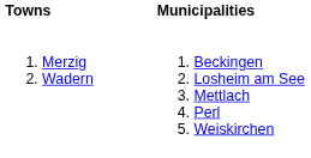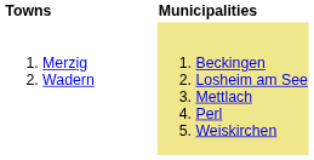 <table>
 <tr>
 <th align=left width=50%>Towns</th>
 <th align=left width=50%>Municipalities</th>
 </tr>
 <tr valign=top>
 <td><br><ol><li><a href='#'>Merzig</a></li><li><a href='#'>Wadern</a></li></ol></td>
-<td><br><ol><li><a href='#'>Beckingen</a></li><li><a href='#'>Losheim am See</a></li><li><a href='#'>Mettlach</a></li><li><a href='#'>Perl</a></li><li><a href='#'>Weiskirchen</a></li></ol></td>
+<td style="background: khaki;"><br><ol><li><a href='#'>Beckingen</a></li><li><a href='#'>Losheim am See</a></li><li><a href='#'>Mettlach</a></li><li><a href='#'>Perl</a></li><li><a href='#'>Weiskirchen</a></li></ol></td>
 </tr>
 </table>
